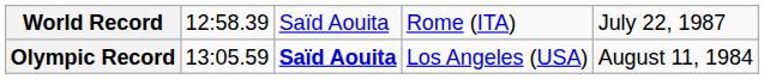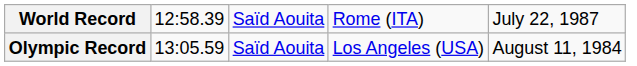 <table class="wikitable" style="font-size:95%;">
 <tr>
 <th>World Record</th>
 <td>12:58.39</td>
 <td> <a href='#'>Saïd Aouita</a></td>
 <td><a href='#'>Rome</a> (<a href='#'>ITA</a>)</td>
 <td>July 22, 1987</td>
 </tr>
 <tr>
 <th>Olympic Record</th>
 <td>13:05.59</td>
-<td><strong> <a href='#'>Saïd Aouita</a></strong></td>
+<td> <a href='#'>Saïd Aouita</a></td>
 <td><a href='#'>Los Angeles</a> (<a href='#'>USA</a>)</td>
 <td>August 11, 1984</td>
 </tr>
 </table>
